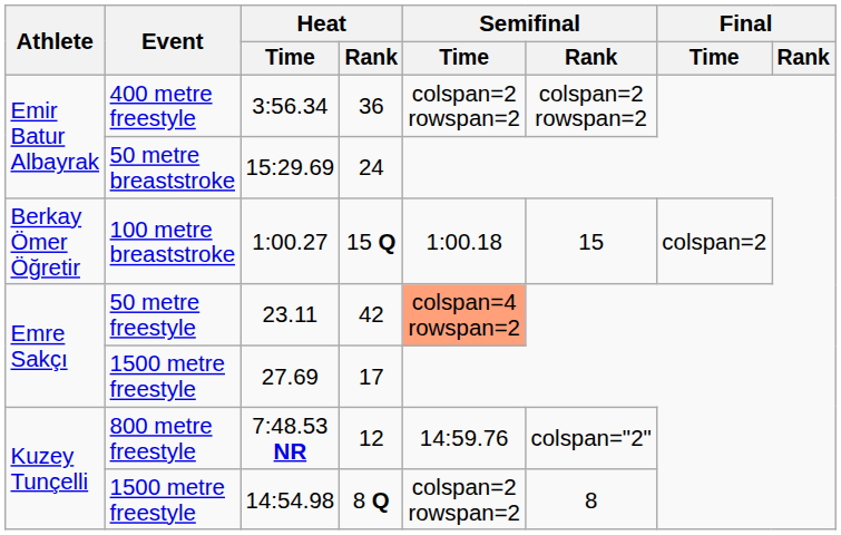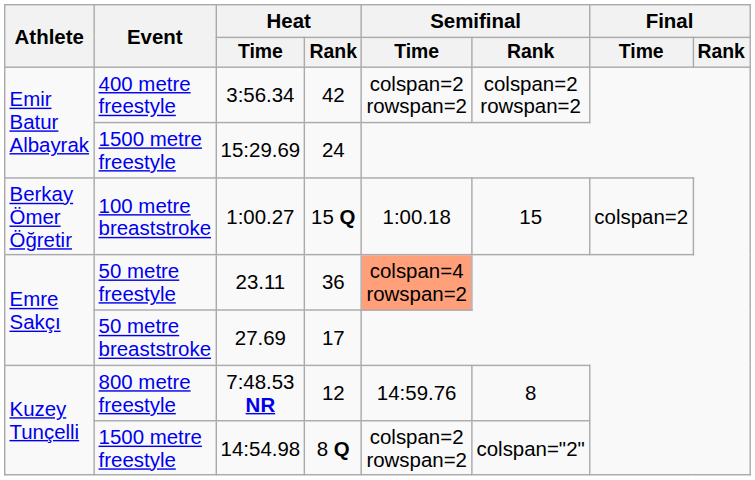 <table class="wikitable" style="text-align:center; font-size:90%; width:50%;">
 <tr>
 <th rowspan="2">Athlete</th>
 <th rowspan="2">Event</th>
 <th colspan="2">Heat</th>
 <th colspan="2">Semifinal</th>
 <th colspan="2">Final</th>
 </tr>
 <tr style="font-size:95%">
 <th>Time</th>
 <th>Rank</th>
 <th>Time</th>
 <th>Rank</th>
 <th>Time</th>
 <th>Rank</th>
 </tr>
 <tr align=center>
 <td align=left rowspan=2><a href='#'>Emir Batur Albayrak</a></td>
 <td align=left><a href='#'>400 metre freestyle</a></td>
 <td>3:56.34</td>
-<td>36</td>
+<td>42</td>
 <td>colspan=2 rowspan=2</td>
 <td>colspan=2  rowspan=2 </td>
 </tr>
 <tr align=center>
-<td align=left><a href='#'>50 metre breaststroke</a></td>
+<td align=left><a href='#'>1500 metre freestyle</a></td>
 <td>15:29.69</td>
 <td>24</td>
 </tr>
 <tr align=center>
 <td align=left><a href='#'>Berkay Ömer Öğretir</a></td>
 <td align=left><a href='#'>100 metre breaststroke</a></td>
 <td>1:00.27</td>
 <td>15 <strong>Q</strong></td>
 <td>1:00.18</td>
 <td>15</td>
 <td>colspan=2  </td>
 </tr>
 <tr align=center>
 <td align=left rowspan=2><a href='#'>Emre Sakçı</a></td>
 <td align=left><a href='#'>50 metre freestyle</a></td>
 <td>23.11</td>
-<td>42</td>
+<td>36</td>
 <td style="background: lightsalmon;">colspan=4 rowspan=2 </td>
 </tr>
 <tr align=center>
-<td align=left><a href='#'>1500 metre freestyle</a></td>
+<td align=left><a href='#'>50 metre breaststroke</a></td>
 <td>27.69</td>
 <td>17</td>
 </tr>
 <tr align=center>
 <td align=left rowspan=2><a href='#'>Kuzey Tunçelli</a></td>
 <td align=left><a href='#'>800 metre freestyle</a></td>
 <td>7:48.53 <strong><a href='#'>NR</a></strong></td>
 <td>12</td>
 <td>14:59.76</td>
-<td>colspan="2"  </td>
+<td>8</td>
 </tr>
 <tr align=center>
 <td align=left><a href='#'>1500 metre freestyle</a></td>
 <td>14:54.98</td>
 <td>8 <strong>Q</strong></td>
 <td>colspan=2 rowspan=2 </td>
-<td>8</td>
+<td>colspan="2"  </td>
 </tr>
 </table>
